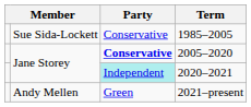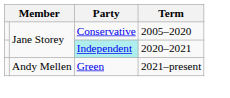 <table class="wikitable">
 <tr>
 <th colspan="2">Member</th>
 <th>Party</th>
 <th>Term</th>
 </tr>
 <tr>
 <td style="background-color: "></td>
-<td>Sue Sida-Lockett</td>
+<td rowspan="2">Jane Storey</td>
 <td><a href='#'>Conservative</a></td>
-<td>1985–2005</td>
-</tr>
-<tr>
-<td style="background-color: "></td>
-<td rowspan="2">Jane Storey</td>
-<td><strong><a href='#'>Conservative</a></strong></td>
 <td>2005–2020</td>
 </tr>
 <tr>
 <td style="background-color: "></td>
 <td style="background: paleturquoise;"><a href='#'>Independent</a></td>
 <td>2020–2021</td>
 </tr>
 <tr>
 <td style="background-color: "></td>
 <td>Andy Mellen</td>
 <td><a href='#'>Green</a></td>
 <td>2021–present</td>
 </tr>
 </table>
